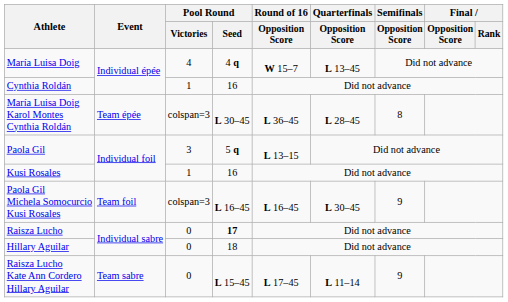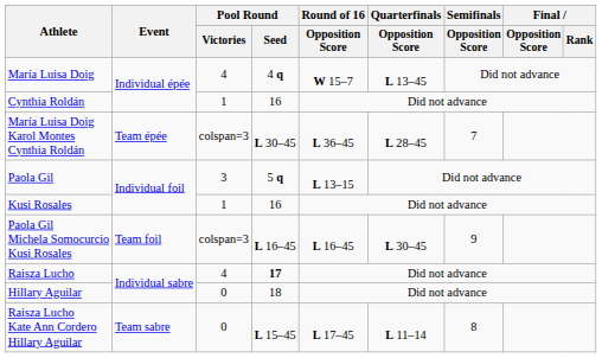 <table class=wikitable style="font-size:90%">
 <tr>
 <th rowspan="2">Athlete</th>
 <th rowspan="2">Event</th>
 <th colspan=2>Pool Round</th>
 <th>Round of 16</th>
 <th>Quarterfinals</th>
 <th>Semifinals</th>
 <th colspan=2>Final / </th>
 </tr>
 <tr style="font-size:95%">
 <th>Victories</th>
 <th>Seed</th>
 <th>Opposition<br>Score</th>
 <th>Opposition<br>Score</th>
 <th>Opposition<br>Score</th>
 <th>Opposition<br>Score</th>
 <th>Rank</th>
 </tr>
 <tr align=center>
 <td align=left><a href='#'>María Luisa Doig</a></td>
 <td align=left rowspan=2><a href='#'>Individual épée</a></td>
 <td>4</td>
 <td>4 <strong>q</strong></td>
 <td><br><strong>W</strong> 15–7</td>
 <td><br><strong>L</strong> 13–45</td>
 <td colspan=3>Did not advance</td>
 </tr>
 <tr align=center>
 <td align=left><a href='#'>Cynthia Roldán</a></td>
 <td>1</td>
 <td>16</td>
 <td colspan=5>Did not advance</td>
 </tr>
 <tr align=center>
 <td align=left><a href='#'>María Luisa Doig</a><br><a href='#'>Karol Montes</a><br><a href='#'>Cynthia Roldán</a></td>
 <td align=left><a href='#'>Team épée</a></td>
 <td>colspan=3 </td>
 <td><br><strong>L</strong> 30–45</td>
 <td><br><strong>L</strong> 36–45</td>
 <td><br><strong>L</strong> 28–45</td>
-<td>8</td>
+<td>7</td>
 </tr>
 <tr align=center>
 <td align=left><a href='#'>Paola Gil</a></td>
 <td align=left rowspan=2><a href='#'>Individual foil</a></td>
 <td>3</td>
 <td>5 <strong>q</strong></td>
 <td><br><strong>L</strong> 13–15</td>
 <td colspan=4>Did not advance</td>
 </tr>
 <tr align=center>
 <td align=left><a href='#'>Kusi Rosales</a></td>
 <td>1</td>
 <td>16</td>
 <td colspan=5>Did not advance</td>
 </tr>
 <tr align=center>
 <td align=left><a href='#'>Paola Gil</a><br><a href='#'>Michela Somocurcio</a><br><a href='#'>Kusi Rosales</a></td>
 <td align=left><a href='#'>Team foil</a></td>
 <td>colspan=3 </td>
 <td><br><strong>L</strong> 16–45</td>
 <td><br><strong>L</strong> 16–45</td>
 <td><br><strong>L</strong> 30–45</td>
 <td>9</td>
 </tr>
 <tr align=center>
 <td align=left><a href='#'>Raisza Lucho</a></td>
 <td align=left rowspan=2><a href='#'>Individual sabre</a></td>
-<td>0</td>
+<td>4</td>
 <td><strong>17</strong></td>
 <td colspan=5>Did not advance</td>
 </tr>
 <tr align=center>
 <td align=left><a href='#'>Hillary Aguilar</a></td>
 <td>0</td>
 <td>18</td>
 <td colspan=5>Did not advance</td>
 </tr>
 <tr align=center>
 <td align=left><a href='#'>Raisza Lucho</a><br><a href='#'>Kate Ann Cordero</a><br><a href='#'>Hillary Aguilar</a></td>
 <td align=left><a href='#'>Team sabre</a></td>
 <td>0</td>
 <td><br><strong>L</strong> 15–45</td>
 <td><br><strong>L</strong> 17–45</td>
 <td><br><strong>L</strong> 11–14</td>
-<td>9</td>
+<td>8</td>
 </tr>
 </table>
